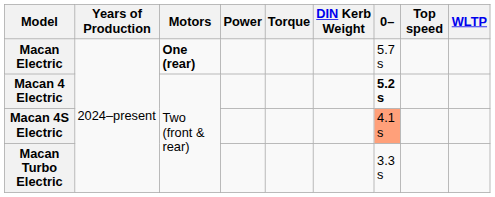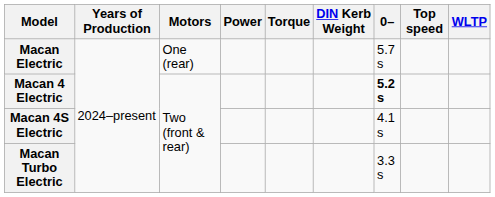 <table class="wikitable sortable">
 <tr>
 <th>Model</th>
 <th>Years of Production</th>
 <th>Motors</th>
 <th>Power</th>
 <th>Torque</th>
 <th><a href='#'>DIN</a> Kerb Weight</th>
 <th>0–</th>
 <th>Top speed</th>
 <th><a href='#'>WLTP</a></th>
 </tr>
 <tr>
 <th>Macan Electric</th>
 <td rowspan="4">2024–present</td>
-<td><strong>One (rear)</strong></td>
+<td>One (rear)</td>
 <td></td>
 <td></td>
 <td></td>
 <td>5.7 s</td>
 <td></td>
 <td></td>
 </tr>
 <tr>
 <th>Macan 4 Electric</th>
 <td rowspan="3">Two (front & rear)</td>
 <td></td>
 <td></td>
 <td></td>
 <td><strong>5.2 s</strong></td>
 <td></td>
 <td></td>
 </tr>
 <tr>
 <th>Macan 4S Electric</th>
 <td></td>
 <td></td>
 <td></td>
-<td style="background: lightsalmon;">4.1 s</td>
+<td>4.1 s</td>
 <td></td>
 <td></td>
 </tr>
 <tr>
 <th>Macan Turbo Electric</th>
 <td></td>
 <td></td>
 <td></td>
 <td>3.3 s</td>
 <td></td>
 <td></td>
 </tr>
 </table>
